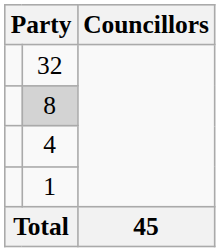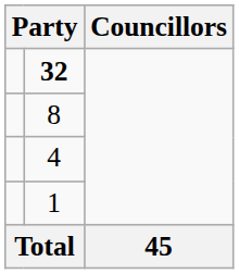 <table class="wikitable">
 <tr>
 <th colspan=2>Party</th>
 <th>Councillors</th>
 </tr>
 <tr>
 <td></td>
-<td align=center>32</td>
+<td align=center><strong>32</strong></td>
 </tr>
 <tr>
 <td></td>
-<td align=center style="background: lightgrey;">8</td>
+<td align=center>8</td>
 </tr>
 <tr>
 <td></td>
 <td align=center>4</td>
 </tr>
 <tr>
 <td></td>
 <td align=center>1</td>
 </tr>
 <tr>
 <th colspan=2>Total</th>
 <th align=center>45</th>
 </tr>
 </table>
